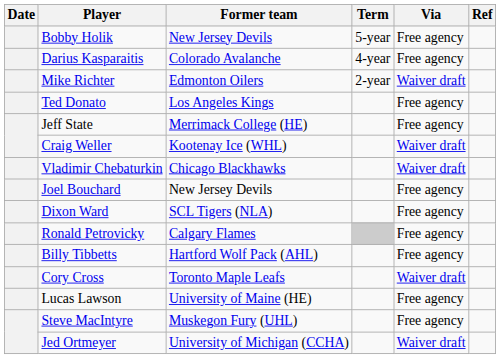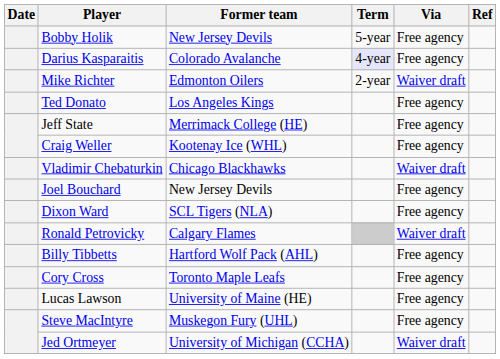 <table class="wikitable plainrowheaders">
 <tr style="background:#ddd; text-align:center;">
 <th>Date</th>
 <th>Player</th>
 <th>Former team</th>
 <th>Term</th>
 <th>Via</th>
 <th>Ref</th>
 </tr>
 <tr>
 <th scope="row"></th>
 <td><a href='#'>Bobby Holik</a></td>
 <td><a href='#'>New Jersey Devils</a></td>
 <td>5-year</td>
 <td>Free agency</td>
 <td></td>
 </tr>
 <tr>
 <th scope="row"></th>
 <td><a href='#'>Darius Kasparaitis</a></td>
 <td><a href='#'>Colorado Avalanche</a></td>
-<td>4-year</td>
+<td style="background: lavender;">4-year</td>
 <td>Free agency</td>
 <td></td>
 </tr>
 <tr>
 <th scope="row"></th>
 <td><a href='#'>Mike Richter</a></td>
 <td><a href='#'>Edmonton Oilers</a></td>
 <td>2-year</td>
 <td><a href='#'>Waiver draft</a></td>
 <td></td>
 </tr>
 <tr>
 <th scope="row"></th>
 <td><a href='#'>Ted Donato</a></td>
 <td><a href='#'>Los Angeles Kings</a></td>
 <td></td>
 <td>Free agency</td>
 <td></td>
 </tr>
 <tr>
 <th scope="row" rowspan=2></th>
 <td>Jeff State</td>
 <td><a href='#'>Merrimack College</a> (<a href='#'>HE</a>)</td>
 <td></td>
 <td>Free agency</td>
 <td></td>
 </tr>
 <tr>
 <td><a href='#'>Craig Weller</a></td>
 <td><a href='#'>Kootenay Ice</a> (<a href='#'>WHL</a>)</td>
 <td></td>
-<td><a href='#'>Waiver draft</a></td>
+<td>Free agency</td>
 <td></td>
 </tr>
 <tr>
 <th scope="row"></th>
 <td><a href='#'>Vladimir Chebaturkin</a></td>
 <td><a href='#'>Chicago Blackhawks</a></td>
 <td></td>
 <td><a href='#'>Waiver draft</a></td>
 <td></td>
 </tr>
 <tr>
 <th scope="row"></th>
 <td><a href='#'>Joel Bouchard</a></td>
 <td>New Jersey Devils</td>
 <td></td>
 <td>Free agency</td>
 <td></td>
 </tr>
 <tr>
 <th scope="row"></th>
 <td><a href='#'>Dixon Ward</a></td>
 <td><a href='#'>SCL Tigers</a> (<a href='#'>NLA</a>)</td>
 <td></td>
 <td>Free agency</td>
 <td></td>
 </tr>
 <tr>
 <th scope="row"></th>
 <td><a href='#'>Ronald Petrovicky</a></td>
 <td><a href='#'>Calgary Flames</a></td>
 <td style="background:#ccc"></td>
-<td>Free agency</td>
+<td><a href='#'>Waiver draft</a></td>
 <td></td>
 </tr>
 <tr>
 <th scope="row"></th>
 <td><a href='#'>Billy Tibbetts</a></td>
 <td><a href='#'>Hartford Wolf Pack</a> (<a href='#'>AHL</a>)</td>
 <td></td>
 <td>Free agency</td>
 <td></td>
 </tr>
 <tr>
 <th scope="row"></th>
 <td><a href='#'>Cory Cross</a></td>
 <td><a href='#'>Toronto Maple Leafs</a></td>
 <td></td>
-<td><a href='#'>Waiver draft</a></td>
+<td>Free agency</td>
 <td></td>
 </tr>
 <tr>
 <th scope="row"></th>
 <td>Lucas Lawson</td>
 <td><a href='#'>University of Maine</a> (HE)</td>
 <td></td>
 <td>Free agency</td>
 <td></td>
 </tr>
 <tr>
 <th scope="row" rowspan=2></th>
 <td><a href='#'>Steve MacIntyre</a></td>
 <td><a href='#'>Muskegon Fury</a> (<a href='#'>UHL</a>)</td>
 <td></td>
 <td>Free agency</td>
 <td></td>
 </tr>
 <tr>
 <td><a href='#'>Jed Ortmeyer</a></td>
 <td><a href='#'>University of Michigan</a> (<a href='#'>CCHA</a>)</td>
 <td></td>
 <td><a href='#'>Waiver draft</a></td>
 <td></td>
 </tr>
 </table>
